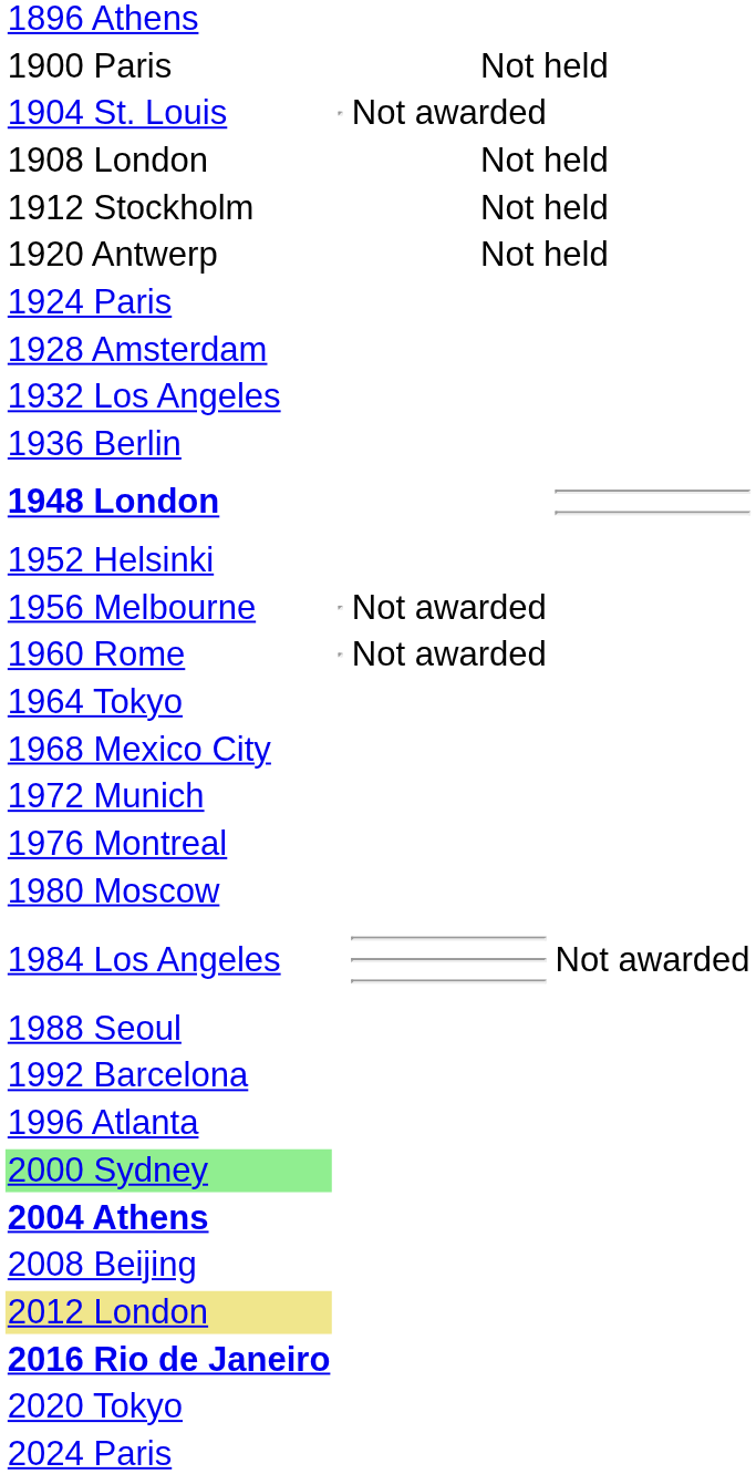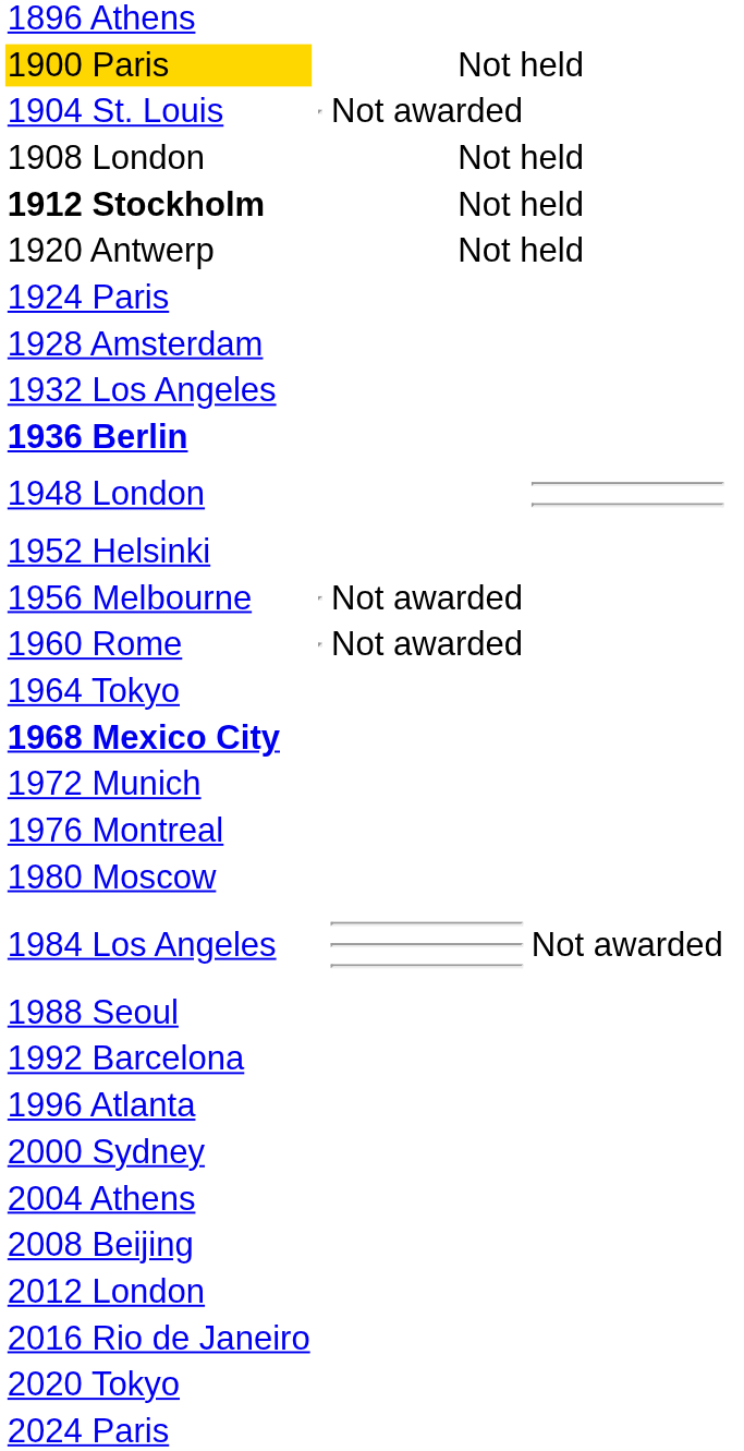 <table>
 <tr>
 <td><a href='#'>1896 Athens</a><br></td>
 <td></td>
 <td></td>
 <td></td>
 </tr>
 <tr>
-<td>1900 Paris</td>
+<td style="background: gold;">1900 Paris</td>
 <td colspan=3 align=center>Not held</td>
 </tr>
 <tr>
 <td><a href='#'>1904 St. Louis</a><br></td>
 <td><hr></td>
 <td>Not awarded</td>
 <td></td>
 </tr>
 <tr>
 <td>1908 London</td>
 <td colspan=3 align=center>Not held</td>
 </tr>
 <tr>
-<td>1912 Stockholm</td>
+<td><strong>1912 Stockholm</strong></td>
 <td colspan=3 align=center>Not held</td>
 </tr>
 <tr>
 <td>1920 Antwerp</td>
 <td colspan=3 align=center>Not held</td>
 </tr>
 <tr>
 <td><a href='#'>1924 Paris</a><br></td>
 <td></td>
 <td></td>
 <td></td>
 </tr>
 <tr>
 <td><a href='#'>1928 Amsterdam</a><br></td>
 <td></td>
 <td></td>
 <td></td>
 </tr>
 <tr>
 <td><a href='#'>1932 Los Angeles</a><br></td>
 <td></td>
 <td></td>
 <td></td>
 </tr>
 <tr>
-<td><a href='#'>1936 Berlin</a><br></td>
+<td><strong><a href='#'>1936 Berlin</a><br></strong></td>
 <td></td>
 <td></td>
 <td></td>
 </tr>
 <tr>
-<td><strong><a href='#'>1948 London</a><br></strong></td>
+<td><a href='#'>1948 London</a><br></td>
 <td></td>
 <td></td>
 <td><hr><hr></td>
 </tr>
 <tr>
 <td><a href='#'>1952 Helsinki</a><br></td>
 <td></td>
 <td></td>
 <td><br></td>
 </tr>
 <tr>
 <td><a href='#'>1956 Melbourne</a><br></td>
 <td><hr></td>
 <td>Not awarded</td>
 <td></td>
 </tr>
 <tr>
 <td><a href='#'>1960 Rome</a><br></td>
 <td><hr></td>
 <td>Not awarded</td>
 <td></td>
 </tr>
 <tr>
 <td><a href='#'>1964 Tokyo</a><br></td>
 <td></td>
 <td></td>
 <td></td>
 </tr>
 <tr>
-<td><a href='#'>1968 Mexico City</a><br></td>
+<td><strong><a href='#'>1968 Mexico City</a><br></strong></td>
 <td></td>
 <td></td>
 <td></td>
 </tr>
 <tr>
 <td><a href='#'>1972 Munich</a><br></td>
 <td></td>
 <td></td>
 <td></td>
 </tr>
 <tr>
 <td><a href='#'>1976 Montreal</a><br></td>
 <td></td>
 <td></td>
 <td></td>
 </tr>
 <tr>
 <td><a href='#'>1980 Moscow</a><br></td>
 <td></td>
 <td></td>
 <td></td>
 </tr>
 <tr>
 <td><a href='#'>1984 Los Angeles</a><br></td>
 <td></td>
 <td><hr><hr><hr></td>
 <td>Not awarded</td>
 </tr>
 <tr>
 <td><a href='#'>1988 Seoul</a><br></td>
 <td></td>
 <td></td>
 <td></td>
 </tr>
 <tr>
 <td><a href='#'>1992 Barcelona</a><br></td>
 <td></td>
 <td></td>
 <td></td>
 </tr>
 <tr>
 <td><a href='#'>1996 Atlanta</a><br></td>
 <td></td>
 <td></td>
 <td></td>
 </tr>
 <tr>
-<td style="background: lightgreen;"><a href='#'>2000 Sydney</a><br></td>
+<td><a href='#'>2000 Sydney</a><br></td>
 <td></td>
 <td></td>
 <td></td>
 </tr>
 <tr>
-<td><strong><a href='#'>2004 Athens</a><br></strong></td>
+<td><a href='#'>2004 Athens</a><br></td>
 <td></td>
 <td></td>
 <td></td>
 </tr>
 <tr>
 <td><a href='#'>2008 Beijing</a><br></td>
 <td></td>
 <td></td>
 <td></td>
 </tr>
 <tr>
-<td style="background: khaki;"><a href='#'>2012 London</a><br></td>
+<td><a href='#'>2012 London</a><br></td>
 <td></td>
 <td></td>
 <td></td>
 </tr>
 <tr>
-<td><strong><a href='#'>2016 Rio de Janeiro</a><br></strong></td>
+<td><a href='#'>2016 Rio de Janeiro</a><br></td>
 <td></td>
 <td></td>
 <td></td>
 </tr>
 <tr>
 <td><a href='#'>2020 Tokyo</a><br></td>
 <td></td>
 <td></td>
 <td></td>
 </tr>
 <tr>
 <td><a href='#'>2024 Paris</a><br></td>
 <td></td>
 <td></td>
 <td></td>
 </tr>
 </table>
